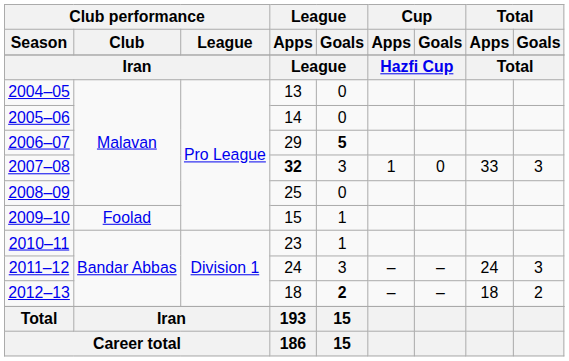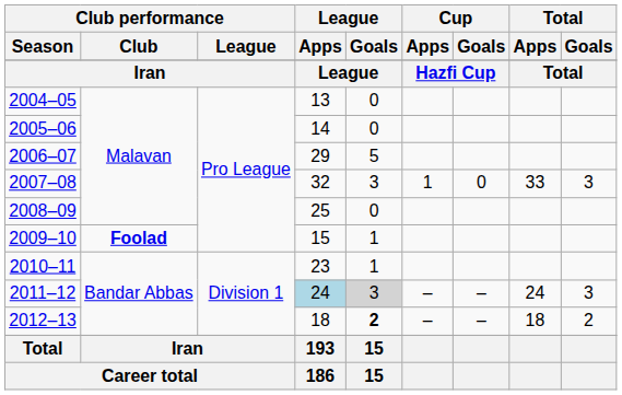 <table class="wikitable" style="text-align:center">
 <tr>
 <th colspan=3>Club performance</th>
 <th colspan=2>League</th>
 <th colspan=2>Cup</th>
 <th colspan=2>Total</th>
 </tr>
 <tr>
 <th>Season</th>
 <th>Club</th>
 <th>League</th>
 <th>Apps</th>
 <th>Goals</th>
 <th>Apps</th>
 <th>Goals</th>
 <th>Apps</th>
 <th>Goals</th>
 </tr>
 <tr>
 </tr>
 <tr>
 <th colspan=3>Iran</th>
 <th colspan=2>League</th>
 <th colspan=2><a href='#'>Hazfi Cup</a></th>
 <th colspan=2>Total</th>
 </tr>
 <tr>
 <td><a href='#'>2004–05</a></td>
 <td rowspan="5"><a href='#'>Malavan</a></td>
 <td rowspan="6"><a href='#'>Pro League</a></td>
 <td>13</td>
 <td>0</td>
 <td></td>
 <td></td>
 <td></td>
 <td></td>
 </tr>
 <tr>
 <td><a href='#'>2005–06</a></td>
 <td>14</td>
 <td>0</td>
 <td></td>
 <td></td>
 <td></td>
 <td></td>
 </tr>
 <tr>
 <td><a href='#'>2006–07</a></td>
 <td>29</td>
-<td><strong>5</strong></td>
+<td>5</td>
 <td></td>
 <td></td>
 <td></td>
 <td></td>
 </tr>
 <tr>
 <td><a href='#'>2007–08</a></td>
-<td><strong>32</strong></td>
+<td>32</td>
 <td>3</td>
 <td>1</td>
 <td>0</td>
 <td>33</td>
 <td>3</td>
 </tr>
 <tr>
 <td><a href='#'>2008–09</a></td>
 <td>25</td>
 <td>0</td>
 <td></td>
 <td></td>
 <td></td>
 <td></td>
 </tr>
 <tr>
 <td><a href='#'>2009–10</a></td>
-<td rowspan="1"><a href='#'>Foolad</a></td>
+<td rowspan="1"><strong><a href='#'>Foolad</a></strong></td>
 <td>15</td>
 <td>1</td>
 <td></td>
 <td></td>
 <td></td>
 <td></td>
 </tr>
 <tr>
 <td><a href='#'>2010–11</a></td>
 <td rowspan="3"><a href='#'>Bandar Abbas</a></td>
 <td rowspan="3"><a href='#'>Division 1</a></td>
 <td>23</td>
 <td>1</td>
 <td></td>
 <td></td>
 <td></td>
 <td></td>
 </tr>
 <tr>
 <td><a href='#'>2011–12</a></td>
-<td>24</td>
-<td>3</td>
+<td style="background: lightblue;">24</td>
+<td style="background: lightgrey;">3</td>
 <td>–</td>
 <td>–</td>
 <td>24</td>
 <td>3</td>
 </tr>
 <tr>
 <td><a href='#'>2012–13</a></td>
 <td>18</td>
 <td><strong>2</strong></td>
 <td>–</td>
 <td>–</td>
 <td>18</td>
 <td>2</td>
 </tr>
 <tr>
 </tr>
 <tr>
 <th rowspan=1>Total</th>
 <th colspan=2>Iran</th>
 <th>193</th>
 <th>15</th>
 <th></th>
 <th></th>
 <th></th>
 <th></th>
 </tr>
 <tr>
 <th colspan=3>Career total</th>
 <th>186</th>
 <th>15</th>
 <th></th>
 <th></th>
 <th></th>
 <th></th>
 </tr>
 </table>
